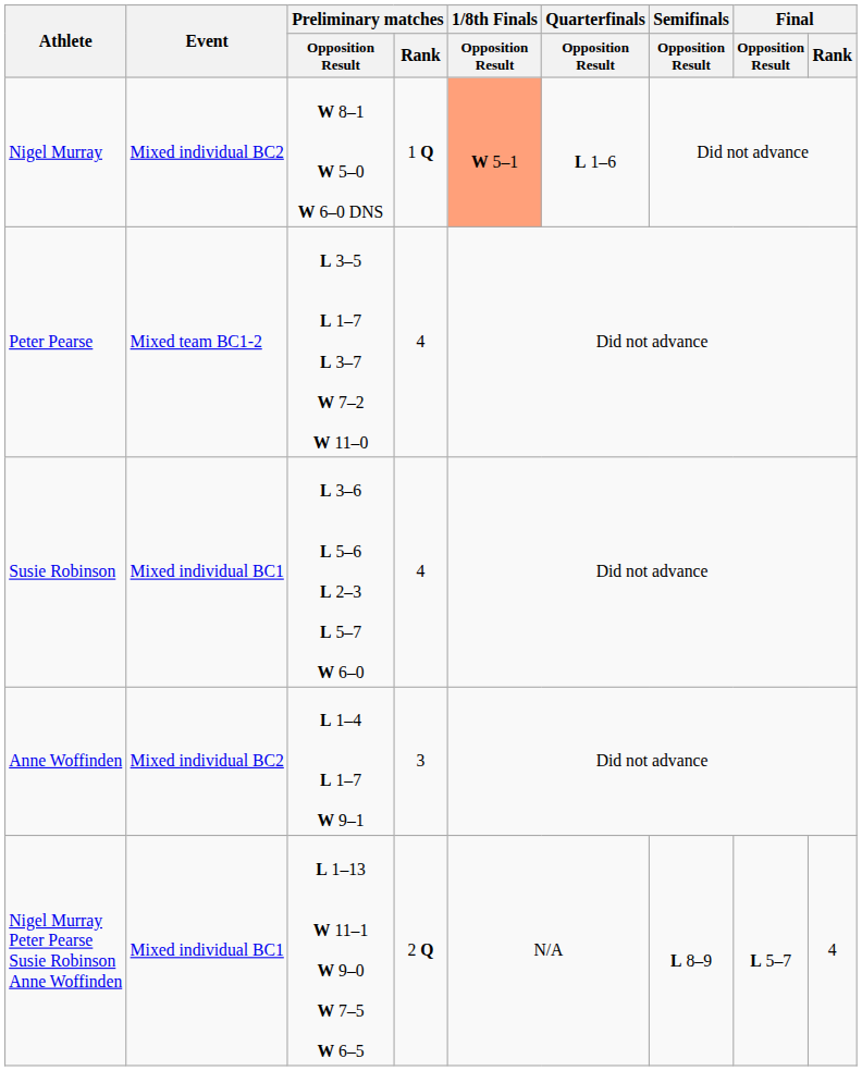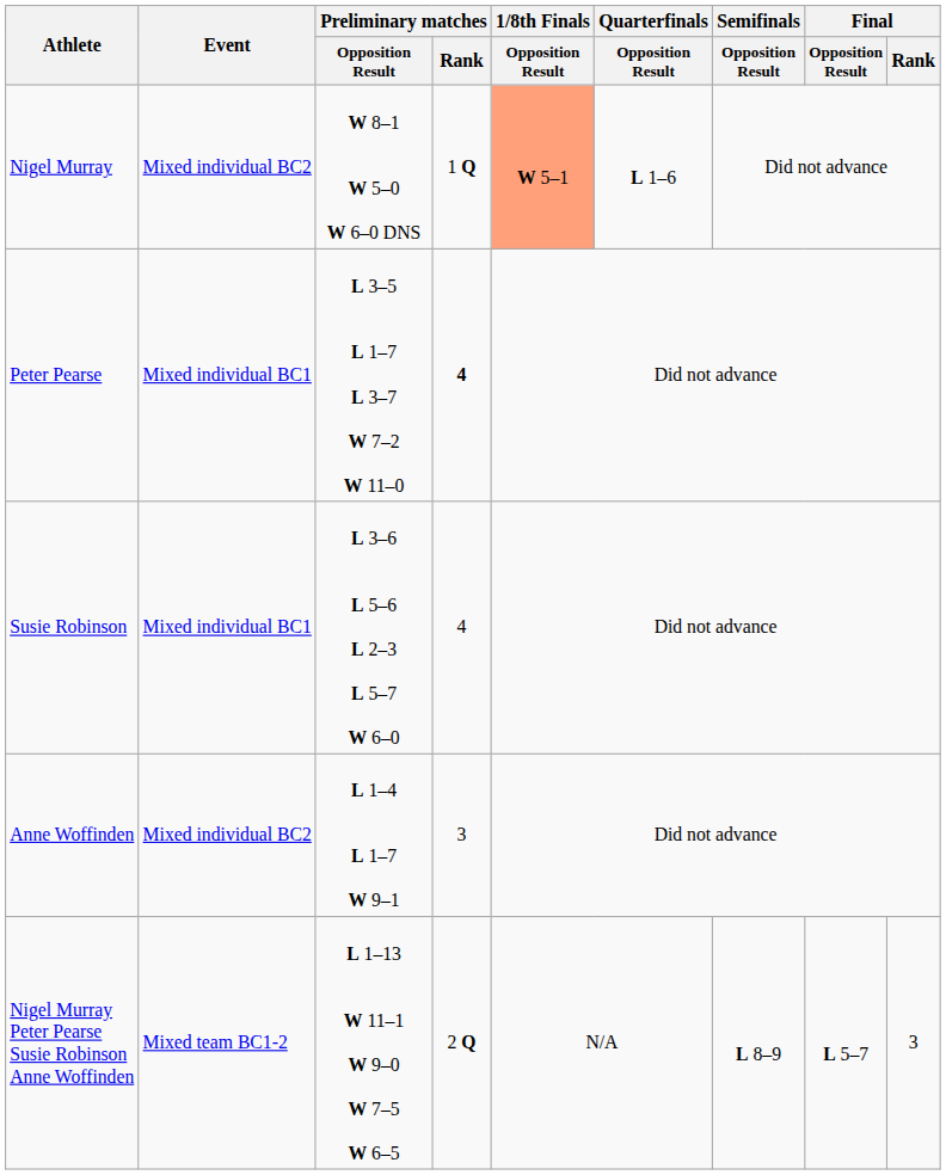 <table class=wikitable style="font-size:90%">
 <tr>
 <th rowspan="2">Athlete</th>
 <th rowspan="2">Event</th>
 <th colspan="2">Preliminary matches</th>
 <th>1/8th Finals</th>
 <th>Quarterfinals</th>
 <th>Semifinals</th>
 <th colspan="2">Final</th>
 </tr>
 <tr>
 <th style="line-height:1em"><small>Opposition<br>Result</small></th>
 <th>Rank</th>
 <th style="line-height:1em"><small>Opposition<br>Result</small></th>
 <th style="line-height:1em"><small>Opposition<br>Result</small></th>
 <th style="line-height:1em"><small>Opposition<br>Result</small></th>
 <th style="line-height:1em"><small>Opposition<br>Result</small></th>
 <th>Rank</th>
 </tr>
 <tr>
 <td><a href='#'>Nigel Murray</a></td>
 <td><a href='#'>Mixed individual BC2</a></td>
 <td align="center"><br> <strong>W</strong> 8–1<br><br><br> <strong>W</strong> 5–0<br> <br> <strong>W</strong> 6–0 DNS<br></td>
 <td align="center">1 <strong>Q</strong></td>
 <td align="center" style="background: lightsalmon;"><br> <strong>W</strong> 5–1<br></td>
 <td align="center"><br> <strong>L</strong> 1–6<br></td>
 <td align="center" colspan=3>Did not advance</td>
 </tr>
 <tr>
 <td><a href='#'>Peter Pearse</a></td>
-<td><a href='#'>Mixed team BC1-2</a></td>
+<td><a href='#'>Mixed individual BC1</a></td>
 <td align="center"><br> <strong>L</strong> 3–5<br><br><br> <strong>L</strong> 1–7<br> <br> <strong>L</strong> 3–7<br> <br> <strong>W</strong> 7–2<br> <br> <strong>W</strong> 11–0</td>
-<td align="center">4</td>
+<td align="center"><strong>4</strong></td>
 <td align="center" colspan=5>Did not advance</td>
 </tr>
 <tr>
 <td><a href='#'>Susie Robinson</a></td>
 <td><a href='#'>Mixed individual BC1</a></td>
 <td align="center"><br> <strong>L</strong> 3–6<br><br><br> <strong>L</strong> 5–6<br> <br> <strong>L</strong> 2–3<br> <br> <strong>L</strong> 5–7<br> <br> <strong>W</strong> 6–0</td>
 <td align="center">4</td>
 <td align="center" colspan=5>Did not advance</td>
 </tr>
 <tr>
 <td><a href='#'>Anne Woffinden</a></td>
 <td><a href='#'>Mixed individual BC2</a></td>
 <td align="center"><br> <strong>L</strong> 1–4<br><br><br> <strong>L</strong> 1–7<br> <br> <strong>W</strong> 9–1<br></td>
 <td align="center">3</td>
 <td align="center" colspan=5>Did not advance</td>
 </tr>
 <tr>
 <td><a href='#'>Nigel Murray</a><br><a href='#'>Peter Pearse</a><br><a href='#'>Susie Robinson</a><br><a href='#'>Anne Woffinden</a></td>
-<td><a href='#'>Mixed individual BC1</a></td>
+<td><a href='#'>Mixed team BC1-2</a></td>
 <td align="center"><br><strong>L</strong> 1–13<br><br><br><strong>W</strong> 11–1<br> <br><strong>W</strong> 9–0<br> <br><strong>W</strong> 7–5<br> <br><strong>W</strong> 6–5</td>
 <td align="center">2 <strong>Q</strong></td>
 <td align="center" colspan=2>N/A</td>
 <td align="center"><br><strong>L</strong> 8–9</td>
 <td align="center"><br><strong>L</strong> 5–7</td>
-<td align="center">4</td>
+<td align="center">3</td>
 </tr>
 </table>
